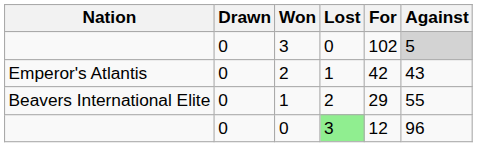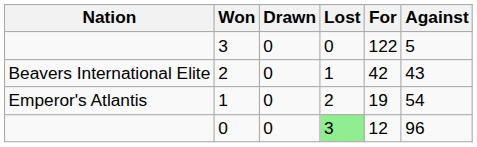 <table class="wikitable">
 <tr>
 <th>Nation</th>
+<th>Won</th>
 <th>Drawn</th>
-<th>Won</th>
 <th>Lost</th>
 <th>For</th>
 <th>Against</th>
 </tr>
 <tr>
 <td></td>
-<td>0</td>
 <td>3</td>
 <td>0</td>
-<td>102</td>
-<td style="background: lightgrey;">5</td>
+<td>0</td>
+<td>122</td>
+<td>5</td>
 </tr>
 <tr>
-<td>Emperor's Atlantis</td>
+<td>Beavers International Elite</td>
+<td>2</td>
 <td>0</td>
-<td>2</td>
 <td>1</td>
 <td>42</td>
 <td>43</td>
 </tr>
 <tr>
-<td>Beavers International Elite</td>
+<td>Emperor's Atlantis</td>
+<td>1</td>
 <td>0</td>
-<td>1</td>
 <td>2</td>
-<td>29</td>
-<td>55</td>
+<td>19</td>
+<td>54</td>
 </tr>
 <tr>
 <td></td>
 <td>0</td>
 <td>0</td>
 <td style="background: lightgreen;">3</td>
 <td>12</td>
 <td>96</td>
 </tr>
 </table>
